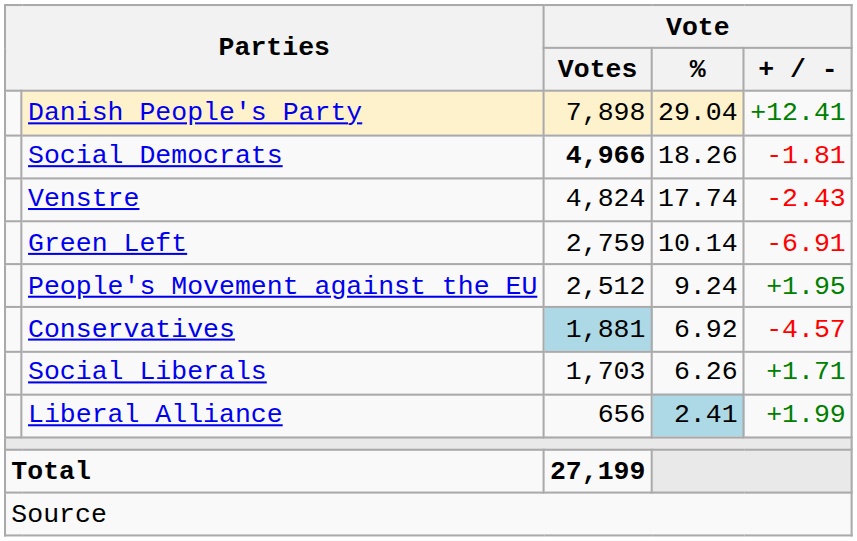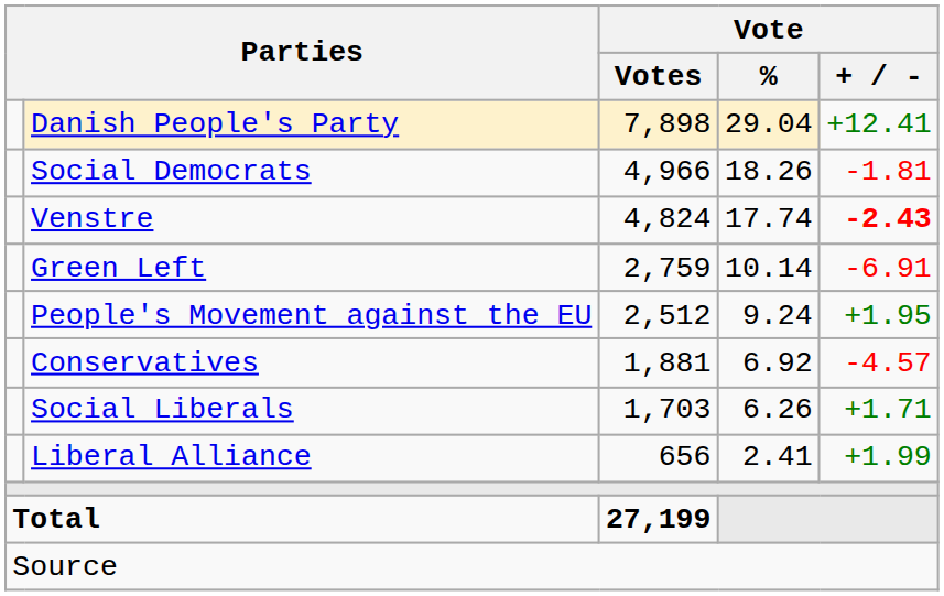 <table class="wikitable" style="text-align:right;">
 <tr>
 <th style="text-align:centre;" rowspan="2" colspan="2" width="225">Parties</th>
 <th colspan="3">Vote</th>
 </tr>
 <tr>
 <th width="15">Votes</th>
 <th width="15">%</th>
 <th width="15">+ / -</th>
 </tr>
 <tr>
 <td width="2" style="color:inherit;background:"></td>
 <td bgcolor=#fef2cc   align="left"><a href='#'>Danish People's Party</a></td>
 <td bgcolor=#fef2cc>7,898</td>
 <td bgcolor=#fef2cc>29.04</td>
 <td style=color:green;>+12.41</td>
 </tr>
 <tr>
 <td width="2" style="color:inherit;background:"></td>
 <td align="left"><a href='#'>Social Democrats</a></td>
-<td><strong>4,966</strong></td>
+<td>4,966</td>
 <td>18.26</td>
 <td style=color:red;>-1.81</td>
 </tr>
 <tr>
 <td width="2" style="color:inherit;background:"></td>
 <td align="left"><a href='#'>Venstre</a></td>
 <td>4,824</td>
 <td>17.74</td>
-<td style=color:red;>-2.43</td>
+<td style=color:red;><strong>-2.43</strong></td>
 </tr>
 <tr>
 <td width="2" style="color:inherit;background:"></td>
 <td align="left"><a href='#'>Green Left</a></td>
 <td>2,759</td>
 <td>10.14</td>
 <td style=color:red;>-6.91</td>
 </tr>
 <tr>
 <td width="2" style="color:inherit;background:"></td>
 <td align="left"><a href='#'>People's Movement against the EU</a></td>
 <td>2,512</td>
 <td>9.24</td>
 <td style=color:green;>+1.95</td>
 </tr>
 <tr>
 <td width="2" style="color:inherit;background:"></td>
 <td align="left"><a href='#'>Conservatives</a></td>
-<td style="background: lightblue;">1,881</td>
+<td>1,881</td>
 <td>6.92</td>
 <td style=color:red;>-4.57</td>
 </tr>
 <tr>
 <td width="2" style="color:inherit;background:"></td>
 <td align="left"><a href='#'>Social Liberals</a></td>
 <td>1,703</td>
 <td>6.26</td>
 <td style=color:green;>+1.71</td>
 </tr>
 <tr>
 <td width="2" style="color:inherit;background:"></td>
 <td align="left"><a href='#'>Liberal Alliance</a></td>
 <td>656</td>
-<td style="background: lightblue;">2.41</td>
+<td>2.41</td>
 <td style=color:green;>+1.99</td>
 </tr>
 <tr>
 <td colspan="7" bgcolor="#E9E9E9"></td>
 </tr>
 <tr>
 <td align="left" colspan="2"><strong>Total</strong></td>
 <td><strong>27,199</strong></td>
 <td bgcolor="#E9E9E9" colspan="2"></td>
 </tr>
 <tr>
 <td align="left" colspan="6">Source</td>
 </tr>
 </table>
